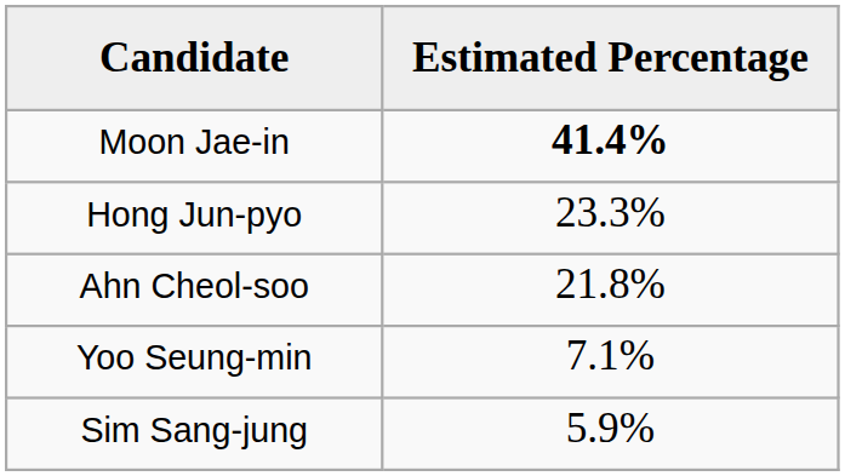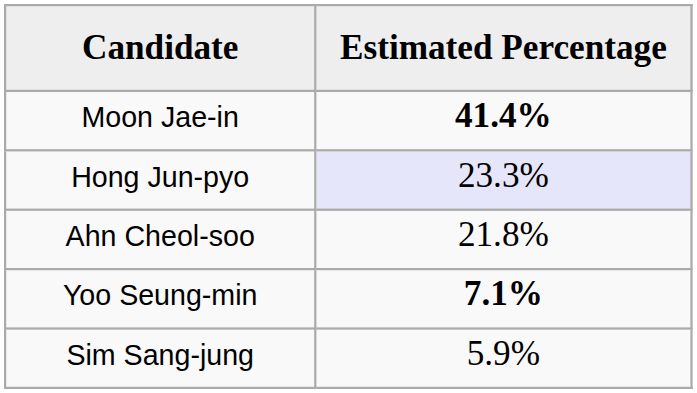 <table class="wikitable"  style="float: margin:10px">
 <tr style="background:#eee;">
 <td style="padding:10px; text-align:center; width:120px;"><strong>Candidate</strong></td>
 <td style="padding:10px; text-align:center; width:150px;"><strong>Estimated Percentage</strong></td>
 </tr>
 <tr>
 <td style="width:90px; padding:2px 0 6px; font:13px georgia,arial; text-align:center;">Moon Jae-in</td>
 <td style="width:90px; padding:2px 0 6px; text-align:center;"><strong>41.4%</strong></td>
 </tr>
 <tr>
 <td style="width:90px; padding:2px 0 6px; font:13px georgia,arial; text-align:center;">Hong Jun-pyo</td>
-<td style="width:90px; padding:2px 0 6px; text-align:center;">23.3%</td>
+<td style="background: lavender; width:90px; padding:2px 0 6px; text-align:center;">23.3%</td>
 </tr>
 <tr>
 <td style="width:90px; padding:2px 0 6px; font:13px georgia,arial; text-align:center;">Ahn Cheol-soo</td>
 <td style="width:90px; padding:2px 0 6px; text-align:center;">21.8%</td>
 </tr>
 <tr>
 <td style="width:90px; padding:2px 0 6px; font:13px georgia,arial; text-align:center;">Yoo Seung-min</td>
-<td style="width:90px; padding:2px 0 6px; text-align:center;">7.1%</td>
+<td style="width:90px; padding:2px 0 6px; text-align:center;"><strong>7.1%</strong></td>
 </tr>
 <tr>
 <td style="width:90px; padding:2px 0 6px; font:13px georgia,arial; text-align:center;">Sim Sang-jung</td>
 <td style="width:90px; padding:2px 0 6px; text-align:center;">5.9%</td>
 </tr>
 </table>
